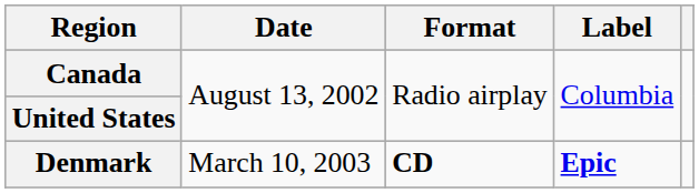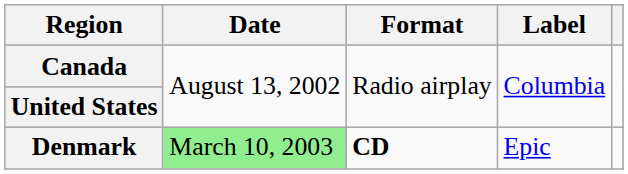 <table class="wikitable plainrowheaders">
 <tr>
 <th scope="col">Region</th>
 <th scope="col">Date</th>
 <th scope="col">Format</th>
 <th scope="col">Label</th>
 <th scope="col"></th>
 </tr>
 <tr>
 <th scope="row">Canada</th>
 <td rowspan="2">August 13, 2002</td>
 <td rowspan="2">Radio airplay</td>
 <td rowspan="2"><a href='#'>Columbia</a></td>
 <td rowspan="2"></td>
 </tr>
 <tr>
 <th scope="row">United States</th>
 </tr>
 <tr>
 <th scope="row">Denmark</th>
-<td>March 10, 2003</td>
+<td style="background: lightgreen;">March 10, 2003</td>
 <td><strong>CD</strong></td>
-<td><strong><a href='#'>Epic</a></strong></td>
+<td><a href='#'>Epic</a></td>
 <td></td>
 </tr>
 </table>
